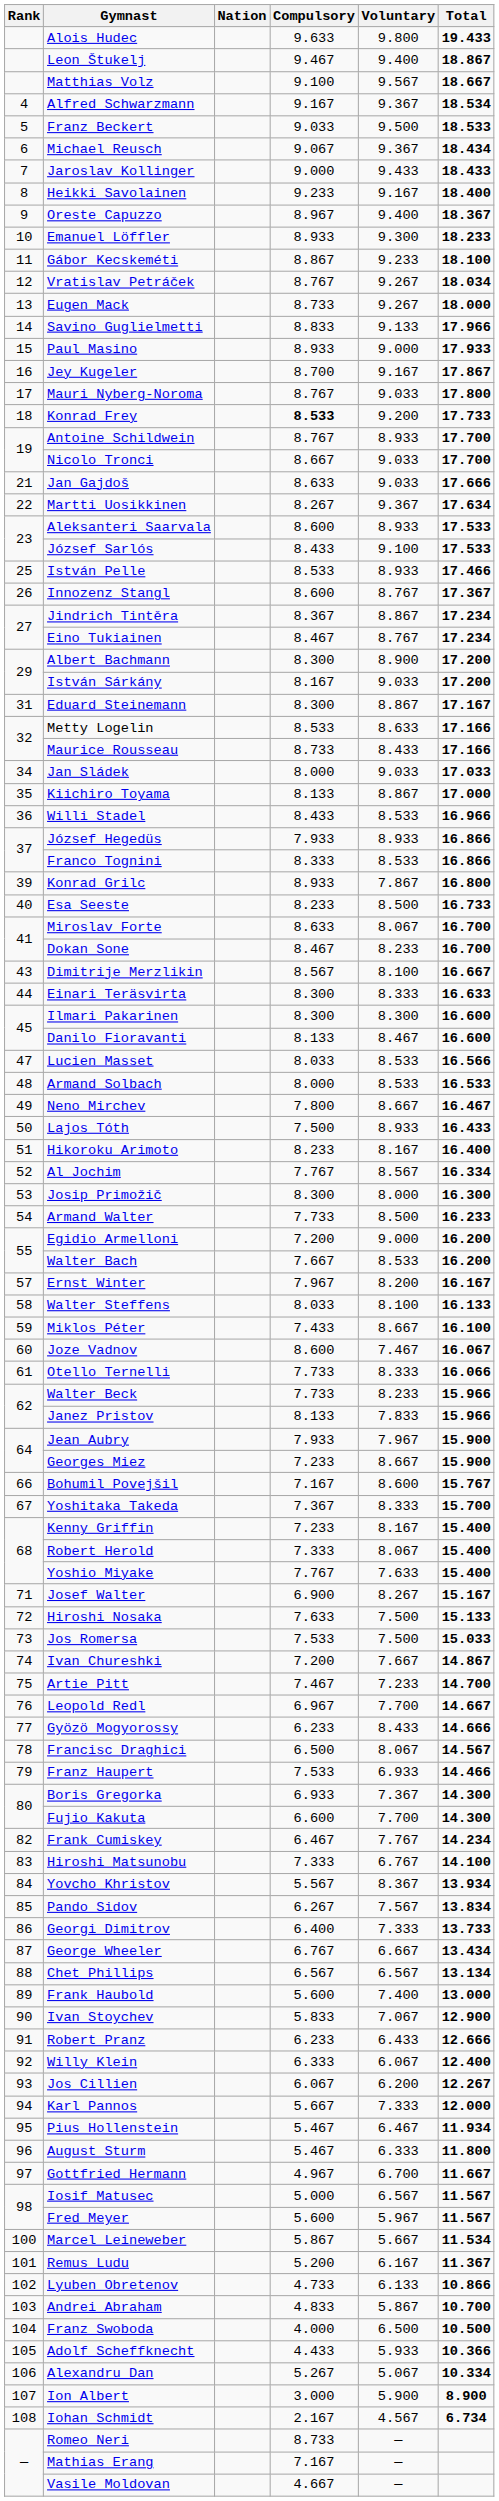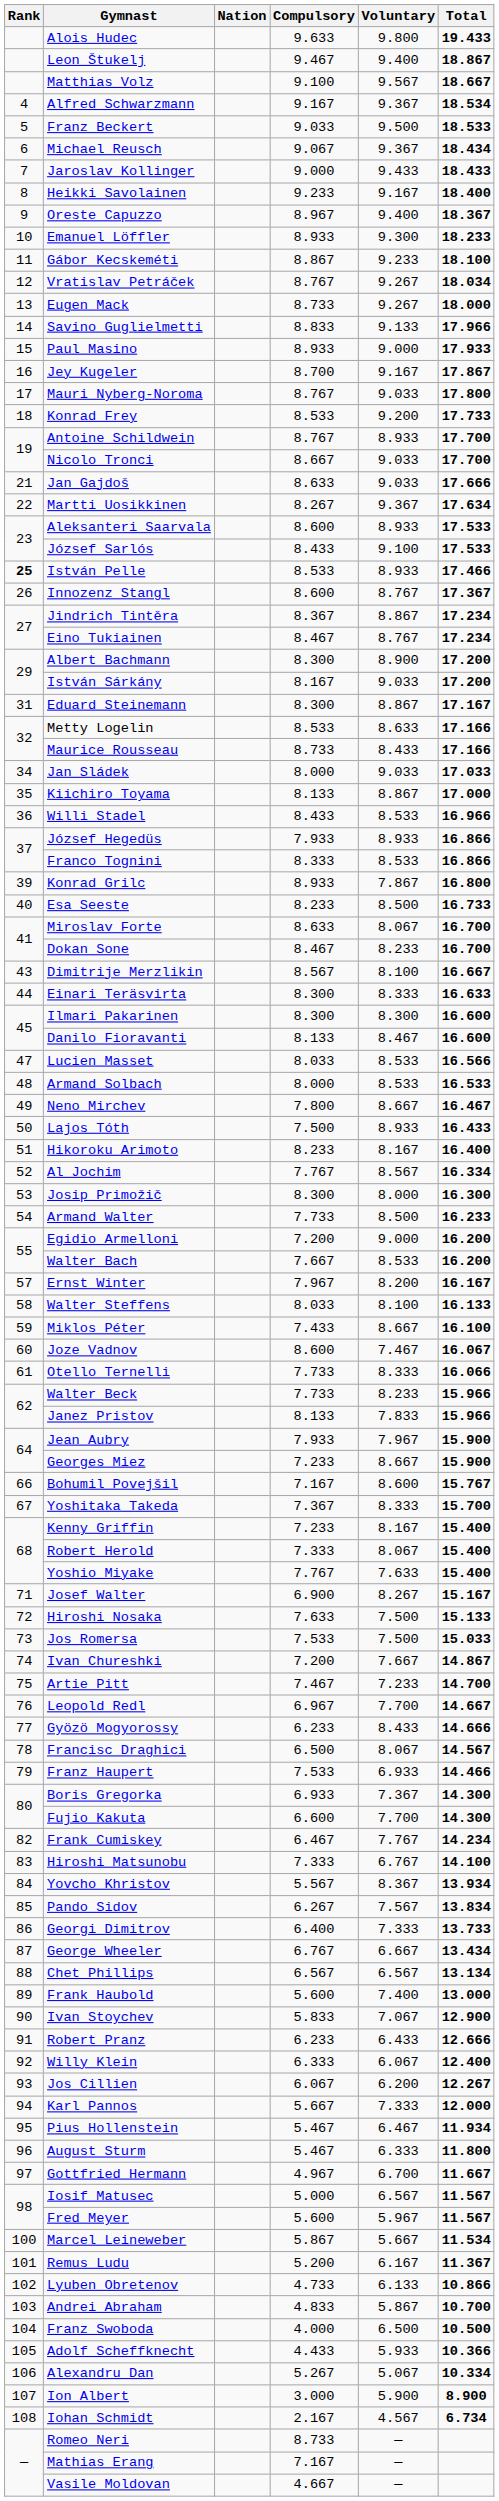 <table class="wikitable sortable" style="text-align:center">
 <tr>
 <th>Rank</th>
 <th>Gymnast</th>
 <th>Nation</th>
 <th>Compulsory</th>
 <th>Voluntary</th>
 <th>Total</th>
 </tr>
 <tr>
 <td></td>
 <td align=left><a href='#'>Alois Hudec</a></td>
 <td align=left></td>
 <td>9.633</td>
 <td>9.800</td>
 <td><strong>19.433</strong></td>
 </tr>
 <tr>
 <td></td>
 <td align=left><a href='#'>Leon Štukelj</a></td>
 <td align=left></td>
 <td>9.467</td>
 <td>9.400</td>
 <td><strong>18.867</strong></td>
 </tr>
 <tr>
 <td></td>
 <td align=left><a href='#'>Matthias Volz</a></td>
 <td align=left></td>
 <td>9.100</td>
 <td>9.567</td>
 <td><strong>18.667</strong></td>
 </tr>
 <tr>
 <td>4</td>
 <td align=left><a href='#'>Alfred Schwarzmann</a></td>
 <td align=left></td>
 <td>9.167</td>
 <td>9.367</td>
 <td><strong>18.534</strong></td>
 </tr>
 <tr>
 <td>5</td>
 <td align=left><a href='#'>Franz Beckert</a></td>
 <td align=left></td>
 <td>9.033</td>
 <td>9.500</td>
 <td><strong>18.533</strong></td>
 </tr>
 <tr>
 <td>6</td>
 <td align=left><a href='#'>Michael Reusch</a></td>
 <td align=left></td>
 <td>9.067</td>
 <td>9.367</td>
 <td><strong>18.434</strong></td>
 </tr>
 <tr>
 <td>7</td>
 <td align=left><a href='#'>Jaroslav Kollinger</a></td>
 <td align=left></td>
 <td>9.000</td>
 <td>9.433</td>
 <td><strong>18.433</strong></td>
 </tr>
 <tr>
 <td>8</td>
 <td align=left><a href='#'>Heikki Savolainen</a></td>
 <td align=left></td>
 <td>9.233</td>
 <td>9.167</td>
 <td><strong>18.400</strong></td>
 </tr>
 <tr>
 <td>9</td>
 <td align=left><a href='#'>Oreste Capuzzo</a></td>
 <td align=left></td>
 <td>8.967</td>
 <td>9.400</td>
 <td><strong>18.367</strong></td>
 </tr>
 <tr>
 <td>10</td>
 <td align=left><a href='#'>Emanuel Löffler</a></td>
 <td align=left></td>
 <td>8.933</td>
 <td>9.300</td>
 <td><strong>18.233</strong></td>
 </tr>
 <tr>
 <td>11</td>
 <td align=left><a href='#'>Gábor Kecskeméti</a></td>
 <td align=left></td>
 <td>8.867</td>
 <td>9.233</td>
 <td><strong>18.100</strong></td>
 </tr>
 <tr>
 <td>12</td>
 <td align=left><a href='#'>Vratislav Petráček</a></td>
 <td align=left></td>
 <td>8.767</td>
 <td>9.267</td>
 <td><strong>18.034</strong></td>
 </tr>
 <tr>
 <td>13</td>
 <td align=left><a href='#'>Eugen Mack</a></td>
 <td align=left></td>
 <td>8.733</td>
 <td>9.267</td>
 <td><strong>18.000</strong></td>
 </tr>
 <tr>
 <td>14</td>
 <td align=left><a href='#'>Savino Guglielmetti</a></td>
 <td align=left></td>
 <td>8.833</td>
 <td>9.133</td>
 <td><strong>17.966</strong></td>
 </tr>
 <tr>
 <td>15</td>
 <td align=left><a href='#'>Paul Masino</a></td>
 <td align=left></td>
 <td>8.933</td>
 <td>9.000</td>
 <td><strong>17.933</strong></td>
 </tr>
 <tr>
 <td>16</td>
 <td align=left><a href='#'>Jey Kugeler</a></td>
 <td align=left></td>
 <td>8.700</td>
 <td>9.167</td>
 <td><strong>17.867</strong></td>
 </tr>
 <tr>
 <td>17</td>
 <td align=left><a href='#'>Mauri Nyberg-Noroma</a></td>
 <td align=left></td>
 <td>8.767</td>
 <td>9.033</td>
 <td><strong>17.800</strong></td>
 </tr>
 <tr>
 <td>18</td>
 <td align=left><a href='#'>Konrad Frey</a></td>
 <td align=left></td>
-<td><strong>8.533</strong></td>
+<td>8.533</td>
 <td>9.200</td>
 <td><strong>17.733</strong></td>
 </tr>
 <tr>
 <td rowspan=2>19</td>
 <td align=left><a href='#'>Antoine Schildwein</a></td>
 <td align=left></td>
 <td>8.767</td>
 <td>8.933</td>
 <td><strong>17.700</strong></td>
 </tr>
 <tr>
 <td align=left><a href='#'>Nicolo Tronci</a></td>
 <td align=left></td>
 <td>8.667</td>
 <td>9.033</td>
 <td><strong>17.700</strong></td>
 </tr>
 <tr>
 <td>21</td>
 <td align=left><a href='#'>Jan Gajdoš</a></td>
 <td align=left></td>
 <td>8.633</td>
 <td>9.033</td>
 <td><strong>17.666</strong></td>
 </tr>
 <tr>
 <td>22</td>
 <td align=left><a href='#'>Martti Uosikkinen</a></td>
 <td align=left></td>
 <td>8.267</td>
 <td>9.367</td>
 <td><strong>17.634</strong></td>
 </tr>
 <tr>
 <td rowspan=2>23</td>
 <td align=left><a href='#'>Aleksanteri Saarvala</a></td>
 <td align=left></td>
 <td>8.600</td>
 <td>8.933</td>
 <td><strong>17.533</strong></td>
 </tr>
 <tr>
 <td align=left><a href='#'>József Sarlós</a></td>
 <td align=left></td>
 <td>8.433</td>
 <td>9.100</td>
 <td><strong>17.533</strong></td>
 </tr>
 <tr>
-<td>25</td>
+<td><strong>25</strong></td>
 <td align=left><a href='#'>István Pelle</a></td>
 <td align=left></td>
 <td>8.533</td>
 <td>8.933</td>
 <td><strong>17.466</strong></td>
 </tr>
 <tr>
 <td>26</td>
 <td align=left><a href='#'>Innozenz Stangl</a></td>
 <td align=left></td>
 <td>8.600</td>
 <td>8.767</td>
 <td><strong>17.367</strong></td>
 </tr>
 <tr>
 <td rowspan=2>27</td>
 <td align=left><a href='#'>Jindrich Tintěra</a></td>
 <td align=left></td>
 <td>8.367</td>
 <td>8.867</td>
 <td><strong>17.234</strong></td>
 </tr>
 <tr>
 <td align=left><a href='#'>Eino Tukiainen</a></td>
 <td align=left></td>
 <td>8.467</td>
 <td>8.767</td>
 <td><strong>17.234</strong></td>
 </tr>
 <tr>
 <td rowspan=2>29</td>
 <td align=left><a href='#'>Albert Bachmann</a></td>
 <td align=left></td>
 <td>8.300</td>
 <td>8.900</td>
 <td><strong>17.200</strong></td>
 </tr>
 <tr>
 <td align=left><a href='#'>István Sárkány</a></td>
 <td align=left></td>
 <td>8.167</td>
 <td>9.033</td>
 <td><strong>17.200</strong></td>
 </tr>
 <tr>
 <td>31</td>
 <td align=left><a href='#'>Eduard Steinemann</a></td>
 <td align=left></td>
 <td>8.300</td>
 <td>8.867</td>
 <td><strong>17.167</strong></td>
 </tr>
 <tr>
 <td rowspan=2>32</td>
 <td align=left>Metty Logelin</td>
 <td align=left></td>
 <td>8.533</td>
 <td>8.633</td>
 <td><strong>17.166</strong></td>
 </tr>
 <tr>
 <td align=left><a href='#'>Maurice Rousseau</a></td>
 <td align=left></td>
 <td>8.733</td>
 <td>8.433</td>
 <td><strong>17.166</strong></td>
 </tr>
 <tr>
 <td>34</td>
 <td align=left><a href='#'>Jan Sládek</a></td>
 <td align=left></td>
 <td>8.000</td>
 <td>9.033</td>
 <td><strong>17.033</strong></td>
 </tr>
 <tr>
 <td>35</td>
 <td align=left><a href='#'>Kiichiro Toyama</a></td>
 <td align=left></td>
 <td>8.133</td>
 <td>8.867</td>
 <td><strong>17.000</strong></td>
 </tr>
 <tr>
 <td>36</td>
 <td align=left><a href='#'>Willi Stadel</a></td>
 <td align=left></td>
 <td>8.433</td>
 <td>8.533</td>
 <td><strong>16.966</strong></td>
 </tr>
 <tr>
 <td rowspan=2>37</td>
 <td align=left><a href='#'>József Hegedüs</a></td>
 <td align=left></td>
 <td>7.933</td>
 <td>8.933</td>
 <td><strong>16.866</strong></td>
 </tr>
 <tr>
 <td align=left><a href='#'>Franco Tognini</a></td>
 <td align=left></td>
 <td>8.333</td>
 <td>8.533</td>
 <td><strong>16.866</strong></td>
 </tr>
 <tr>
 <td>39</td>
 <td align=left><a href='#'>Konrad Grilc</a></td>
 <td align=left></td>
 <td>8.933</td>
 <td>7.867</td>
 <td><strong>16.800</strong></td>
 </tr>
 <tr>
 <td>40</td>
 <td align=left><a href='#'>Esa Seeste</a></td>
 <td align=left></td>
 <td>8.233</td>
 <td>8.500</td>
 <td><strong>16.733</strong></td>
 </tr>
 <tr>
 <td rowspan=2>41</td>
 <td align=left><a href='#'>Miroslav Forte</a></td>
 <td align=left></td>
 <td>8.633</td>
 <td>8.067</td>
 <td><strong>16.700</strong></td>
 </tr>
 <tr>
 <td align=left><a href='#'>Dokan Sone</a></td>
 <td align=left></td>
 <td>8.467</td>
 <td>8.233</td>
 <td><strong>16.700</strong></td>
 </tr>
 <tr>
 <td>43</td>
 <td align=left><a href='#'>Dimitrije Merzlikin</a></td>
 <td align=left></td>
 <td>8.567</td>
 <td>8.100</td>
 <td><strong>16.667</strong></td>
 </tr>
 <tr>
 <td>44</td>
 <td align=left><a href='#'>Einari Teräsvirta</a></td>
 <td align=left></td>
 <td>8.300</td>
 <td>8.333</td>
 <td><strong>16.633</strong></td>
 </tr>
 <tr>
 <td rowspan=2>45</td>
 <td align=left><a href='#'>Ilmari Pakarinen</a></td>
 <td align=left></td>
 <td>8.300</td>
 <td>8.300</td>
 <td><strong>16.600</strong></td>
 </tr>
 <tr>
 <td align=left><a href='#'>Danilo Fioravanti</a></td>
 <td align=left></td>
 <td>8.133</td>
 <td>8.467</td>
 <td><strong>16.600</strong></td>
 </tr>
 <tr>
 <td>47</td>
 <td align=left><a href='#'>Lucien Masset</a></td>
 <td align=left></td>
 <td>8.033</td>
 <td>8.533</td>
 <td><strong>16.566</strong></td>
 </tr>
 <tr>
 <td>48</td>
 <td align=left><a href='#'>Armand Solbach</a></td>
 <td align=left></td>
 <td>8.000</td>
 <td>8.533</td>
 <td><strong>16.533</strong></td>
 </tr>
 <tr>
 <td>49</td>
 <td align=left><a href='#'>Neno Mirchev</a></td>
 <td align=left></td>
 <td>7.800</td>
 <td>8.667</td>
 <td><strong>16.467</strong></td>
 </tr>
 <tr>
 <td>50</td>
 <td align=left><a href='#'>Lajos Tóth</a></td>
 <td align=left></td>
 <td>7.500</td>
 <td>8.933</td>
 <td><strong>16.433</strong></td>
 </tr>
 <tr>
 <td>51</td>
 <td align=left><a href='#'>Hikoroku Arimoto</a></td>
 <td align=left></td>
 <td>8.233</td>
 <td>8.167</td>
 <td><strong>16.400</strong></td>
 </tr>
 <tr>
 <td>52</td>
 <td align=left><a href='#'>Al Jochim</a></td>
 <td align=left></td>
 <td>7.767</td>
 <td>8.567</td>
 <td><strong>16.334</strong></td>
 </tr>
 <tr>
 <td>53</td>
 <td align=left><a href='#'>Josip Primožič</a></td>
 <td align=left></td>
 <td>8.300</td>
 <td>8.000</td>
 <td><strong>16.300</strong></td>
 </tr>
 <tr>
 <td>54</td>
 <td align=left><a href='#'>Armand Walter</a></td>
 <td align=left></td>
 <td>7.733</td>
 <td>8.500</td>
 <td><strong>16.233</strong></td>
 </tr>
 <tr>
 <td rowspan=2>55</td>
 <td align=left><a href='#'>Egidio Armelloni</a></td>
 <td align=left></td>
 <td>7.200</td>
 <td>9.000</td>
 <td><strong>16.200</strong></td>
 </tr>
 <tr>
 <td align=left><a href='#'>Walter Bach</a></td>
 <td align=left></td>
 <td>7.667</td>
 <td>8.533</td>
 <td><strong>16.200</strong></td>
 </tr>
 <tr>
 <td>57</td>
 <td align=left><a href='#'>Ernst Winter</a></td>
 <td align=left></td>
 <td>7.967</td>
 <td>8.200</td>
 <td><strong>16.167</strong></td>
 </tr>
 <tr>
 <td>58</td>
 <td align=left><a href='#'>Walter Steffens</a></td>
 <td align=left></td>
 <td>8.033</td>
 <td>8.100</td>
 <td><strong>16.133</strong></td>
 </tr>
 <tr>
 <td>59</td>
 <td align=left><a href='#'>Miklos Péter</a></td>
 <td align=left></td>
 <td>7.433</td>
 <td>8.667</td>
 <td><strong>16.100</strong></td>
 </tr>
 <tr>
 <td>60</td>
 <td align=left><a href='#'>Joze Vadnov</a></td>
 <td align=left></td>
 <td>8.600</td>
 <td>7.467</td>
 <td><strong>16.067</strong></td>
 </tr>
 <tr>
 <td>61</td>
 <td align=left><a href='#'>Otello Ternelli</a></td>
 <td align=left></td>
 <td>7.733</td>
 <td>8.333</td>
 <td><strong>16.066</strong></td>
 </tr>
 <tr>
 <td rowspan=2>62</td>
 <td align=left><a href='#'>Walter Beck</a></td>
 <td align=left></td>
 <td>7.733</td>
 <td>8.233</td>
 <td><strong>15.966</strong></td>
 </tr>
 <tr>
 <td align=left><a href='#'>Janez Pristov</a></td>
 <td align=left></td>
 <td>8.133</td>
 <td>7.833</td>
 <td><strong>15.966</strong></td>
 </tr>
 <tr>
 <td rowspan=2>64</td>
 <td align=left><a href='#'>Jean Aubry</a></td>
 <td align=left></td>
 <td>7.933</td>
 <td>7.967</td>
 <td><strong>15.900</strong></td>
 </tr>
 <tr>
 <td align=left><a href='#'>Georges Miez</a></td>
 <td align=left></td>
 <td>7.233</td>
 <td>8.667</td>
 <td><strong>15.900</strong></td>
 </tr>
 <tr>
 <td>66</td>
 <td align=left><a href='#'>Bohumil Povejšil</a></td>
 <td align=left></td>
 <td>7.167</td>
 <td>8.600</td>
 <td><strong>15.767</strong></td>
 </tr>
 <tr>
 <td>67</td>
 <td align=left><a href='#'>Yoshitaka Takeda</a></td>
 <td align=left></td>
 <td>7.367</td>
 <td>8.333</td>
 <td><strong>15.700</strong></td>
 </tr>
 <tr>
 <td rowspan=3>68</td>
 <td align=left><a href='#'>Kenny Griffin</a></td>
 <td align=left></td>
 <td>7.233</td>
 <td>8.167</td>
 <td><strong>15.400</strong></td>
 </tr>
 <tr>
 <td align=left><a href='#'>Robert Herold</a></td>
 <td align=left></td>
 <td>7.333</td>
 <td>8.067</td>
 <td><strong>15.400</strong></td>
 </tr>
 <tr>
 <td align=left><a href='#'>Yoshio Miyake</a></td>
 <td align=left></td>
 <td>7.767</td>
 <td>7.633</td>
 <td><strong>15.400</strong></td>
 </tr>
 <tr>
 <td>71</td>
 <td align=left><a href='#'>Josef Walter</a></td>
 <td align=left></td>
 <td>6.900</td>
 <td>8.267</td>
 <td><strong>15.167</strong></td>
 </tr>
 <tr>
 <td>72</td>
 <td align=left><a href='#'>Hiroshi Nosaka</a></td>
 <td align=left></td>
 <td>7.633</td>
 <td>7.500</td>
 <td><strong>15.133</strong></td>
 </tr>
 <tr>
 <td>73</td>
 <td align=left><a href='#'>Jos Romersa</a></td>
 <td align=left></td>
 <td>7.533</td>
 <td>7.500</td>
 <td><strong>15.033</strong></td>
 </tr>
 <tr>
 <td>74</td>
 <td align=left><a href='#'>Ivan Chureshki</a></td>
 <td align=left></td>
 <td>7.200</td>
 <td>7.667</td>
 <td><strong>14.867</strong></td>
 </tr>
 <tr>
 <td>75</td>
 <td align=left><a href='#'>Artie Pitt</a></td>
 <td align=left></td>
 <td>7.467</td>
 <td>7.233</td>
 <td><strong>14.700</strong></td>
 </tr>
 <tr>
 <td>76</td>
 <td align=left><a href='#'>Leopold Redl</a></td>
 <td align=left></td>
 <td>6.967</td>
 <td>7.700</td>
 <td><strong>14.667</strong></td>
 </tr>
 <tr>
 <td>77</td>
 <td align=left><a href='#'>Gyözö Mogyorossy</a></td>
 <td align=left></td>
 <td>6.233</td>
 <td>8.433</td>
 <td><strong>14.666</strong></td>
 </tr>
 <tr>
 <td>78</td>
 <td align=left><a href='#'>Francisc Draghici</a></td>
 <td align=left></td>
 <td>6.500</td>
 <td>8.067</td>
 <td><strong>14.567</strong></td>
 </tr>
 <tr>
 <td>79</td>
 <td align=left><a href='#'>Franz Haupert</a></td>
 <td align=left></td>
 <td>7.533</td>
 <td>6.933</td>
 <td><strong>14.466</strong></td>
 </tr>
 <tr>
 <td rowspan=2>80</td>
 <td align=left><a href='#'>Boris Gregorka</a></td>
 <td align=left></td>
 <td>6.933</td>
 <td>7.367</td>
 <td><strong>14.300</strong></td>
 </tr>
 <tr>
 <td align=left><a href='#'>Fujio Kakuta</a></td>
 <td align=left></td>
 <td>6.600</td>
 <td>7.700</td>
 <td><strong>14.300</strong></td>
 </tr>
 <tr>
 <td>82</td>
 <td align=left><a href='#'>Frank Cumiskey</a></td>
 <td align=left></td>
 <td>6.467</td>
 <td>7.767</td>
 <td><strong>14.234</strong></td>
 </tr>
 <tr>
 <td>83</td>
 <td align=left><a href='#'>Hiroshi Matsunobu</a></td>
 <td align=left></td>
 <td>7.333</td>
 <td>6.767</td>
 <td><strong>14.100</strong></td>
 </tr>
 <tr>
 <td>84</td>
 <td align=left><a href='#'>Yovcho Khristov</a></td>
 <td align=left></td>
 <td>5.567</td>
 <td>8.367</td>
 <td><strong>13.934</strong></td>
 </tr>
 <tr>
 <td>85</td>
 <td align=left><a href='#'>Pando Sidov</a></td>
 <td align=left></td>
 <td>6.267</td>
 <td>7.567</td>
 <td><strong>13.834</strong></td>
 </tr>
 <tr>
 <td>86</td>
 <td align=left><a href='#'>Georgi Dimitrov</a></td>
 <td align=left></td>
 <td>6.400</td>
 <td>7.333</td>
 <td><strong>13.733</strong></td>
 </tr>
 <tr>
 <td>87</td>
 <td align=left><a href='#'>George Wheeler</a></td>
 <td align=left></td>
 <td>6.767</td>
 <td>6.667</td>
 <td><strong>13.434</strong></td>
 </tr>
 <tr>
 <td>88</td>
 <td align=left><a href='#'>Chet Phillips</a></td>
 <td align=left></td>
 <td>6.567</td>
 <td>6.567</td>
 <td><strong>13.134</strong></td>
 </tr>
 <tr>
 <td>89</td>
 <td align=left><a href='#'>Frank Haubold</a></td>
 <td align=left></td>
 <td>5.600</td>
 <td>7.400</td>
 <td><strong>13.000</strong></td>
 </tr>
 <tr>
 <td>90</td>
 <td align=left><a href='#'>Ivan Stoychev</a></td>
 <td align=left></td>
 <td>5.833</td>
 <td>7.067</td>
 <td><strong>12.900</strong></td>
 </tr>
 <tr>
 <td>91</td>
 <td align=left><a href='#'>Robert Pranz</a></td>
 <td align=left></td>
 <td>6.233</td>
 <td>6.433</td>
 <td><strong>12.666</strong></td>
 </tr>
 <tr>
 <td>92</td>
 <td align=left><a href='#'>Willy Klein</a></td>
 <td align=left></td>
 <td>6.333</td>
 <td>6.067</td>
 <td><strong>12.400</strong></td>
 </tr>
 <tr>
 <td>93</td>
 <td align=left><a href='#'>Jos Cillien</a></td>
 <td align=left></td>
 <td>6.067</td>
 <td>6.200</td>
 <td><strong>12.267</strong></td>
 </tr>
 <tr>
 <td>94</td>
 <td align=left><a href='#'>Karl Pannos</a></td>
 <td align=left></td>
 <td>5.667</td>
 <td>7.333</td>
 <td><strong>12.000</strong></td>
 </tr>
 <tr>
 <td>95</td>
 <td align=left><a href='#'>Pius Hollenstein</a></td>
 <td align=left></td>
 <td>5.467</td>
 <td>6.467</td>
 <td><strong>11.934</strong></td>
 </tr>
 <tr>
 <td>96</td>
 <td align=left><a href='#'>August Sturm</a></td>
 <td align=left></td>
 <td>5.467</td>
 <td>6.333</td>
 <td><strong>11.800</strong></td>
 </tr>
 <tr>
 <td>97</td>
 <td align=left><a href='#'>Gottfried Hermann</a></td>
 <td align=left></td>
 <td>4.967</td>
 <td>6.700</td>
 <td><strong>11.667</strong></td>
 </tr>
 <tr>
 <td rowspan=2>98</td>
 <td align=left><a href='#'>Iosif Matusec</a></td>
 <td align=left></td>
 <td>5.000</td>
 <td>6.567</td>
 <td><strong>11.567</strong></td>
 </tr>
 <tr>
 <td align=left><a href='#'>Fred Meyer</a></td>
 <td align=left></td>
 <td>5.600</td>
 <td>5.967</td>
 <td><strong>11.567</strong></td>
 </tr>
 <tr>
 <td>100</td>
 <td align=left><a href='#'>Marcel Leineweber</a></td>
 <td align=left></td>
 <td>5.867</td>
 <td>5.667</td>
 <td><strong>11.534</strong></td>
 </tr>
 <tr>
 <td>101</td>
 <td align=left><a href='#'>Remus Ludu</a></td>
 <td align=left></td>
 <td>5.200</td>
 <td>6.167</td>
 <td><strong>11.367</strong></td>
 </tr>
 <tr>
 <td>102</td>
 <td align=left><a href='#'>Lyuben Obretenov</a></td>
 <td align=left></td>
 <td>4.733</td>
 <td>6.133</td>
 <td><strong>10.866</strong></td>
 </tr>
 <tr>
 <td>103</td>
 <td align=left><a href='#'>Andrei Abraham</a></td>
 <td align=left></td>
 <td>4.833</td>
 <td>5.867</td>
 <td><strong>10.700</strong></td>
 </tr>
 <tr>
 <td>104</td>
 <td align=left><a href='#'>Franz Swoboda</a></td>
 <td align=left></td>
 <td>4.000</td>
 <td>6.500</td>
 <td><strong>10.500</strong></td>
 </tr>
 <tr>
 <td>105</td>
 <td align=left><a href='#'>Adolf Scheffknecht</a></td>
 <td align=left></td>
 <td>4.433</td>
 <td>5.933</td>
 <td><strong>10.366</strong></td>
 </tr>
 <tr>
 <td>106</td>
 <td align=left><a href='#'>Alexandru Dan</a></td>
 <td align=left></td>
 <td>5.267</td>
 <td>5.067</td>
 <td><strong>10.334</strong></td>
 </tr>
 <tr>
 <td>107</td>
 <td align=left><a href='#'>Ion Albert</a></td>
 <td align=left></td>
 <td>3.000</td>
 <td>5.900</td>
 <td><strong>8.900</strong></td>
 </tr>
 <tr>
 <td>108</td>
 <td align=left><a href='#'>Iohan Schmidt</a></td>
 <td align=left></td>
 <td>2.167</td>
 <td>4.567</td>
 <td><strong>6.734</strong></td>
 </tr>
 <tr>
 <td rowspan=3>—</td>
 <td align=left><a href='#'>Romeo Neri</a></td>
 <td align=left></td>
 <td>8.733</td>
 <td data-sort-value=0.000>—</td>
 <td data-sort-value=0.000></td>
 </tr>
 <tr>
 <td align=left><a href='#'>Mathias Erang</a></td>
 <td align=left></td>
 <td>7.167</td>
 <td data-sort-value=0.000>—</td>
 <td data-sort-value=0.000></td>
 </tr>
 <tr>
 <td align=left><a href='#'>Vasile Moldovan</a></td>
 <td align=left></td>
 <td>4.667</td>
 <td data-sort-value=0.000>—</td>
 <td data-sort-value=0.000></td>
 </tr>
 </table>
